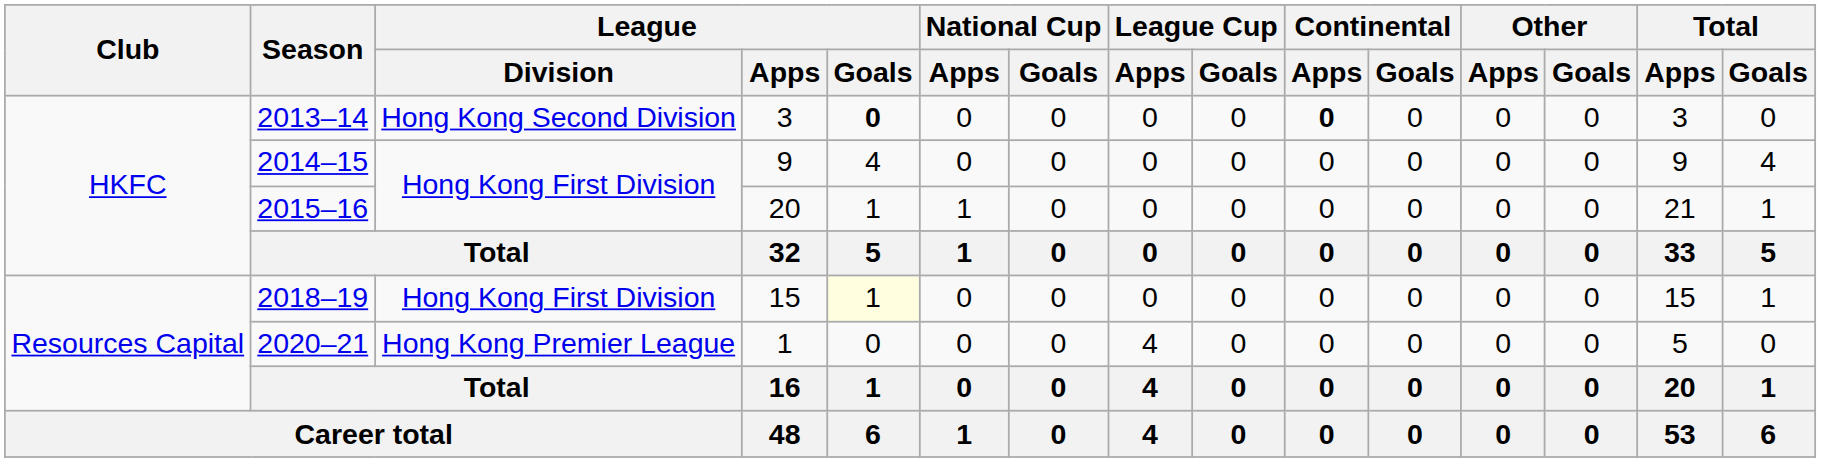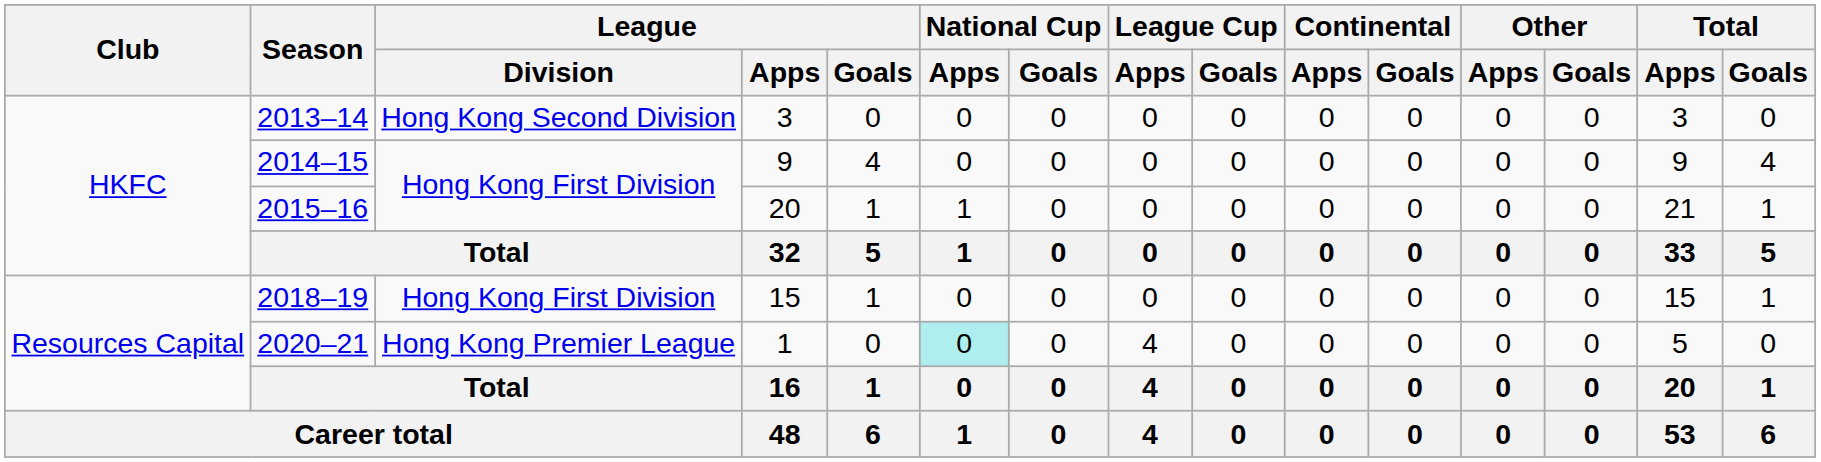 <table class="wikitable" style="text-align: center">
 <tr>
 <th rowspan="2">Club</th>
 <th rowspan="2">Season</th>
 <th colspan="3">League</th>
 <th colspan="2">National Cup</th>
 <th colspan="2">League Cup</th>
 <th colspan="2">Continental</th>
 <th colspan="2">Other</th>
 <th colspan="2">Total</th>
 </tr>
 <tr>
 <th>Division</th>
 <th>Apps</th>
 <th>Goals</th>
 <th>Apps</th>
 <th>Goals</th>
 <th>Apps</th>
 <th>Goals</th>
 <th>Apps</th>
 <th>Goals</th>
 <th>Apps</th>
 <th>Goals</th>
 <th>Apps</th>
 <th>Goals</th>
 </tr>
 <tr>
 <td rowspan="4"><a href='#'>HKFC</a></td>
 <td><a href='#'>2013–14</a></td>
 <td><a href='#'>Hong Kong Second Division</a></td>
 <td>3</td>
-<td><strong>0</strong></td>
 <td>0</td>
 <td>0</td>
 <td>0</td>
 <td>0</td>
-<td><strong>0</strong></td>
+<td>0</td>
+<td>0</td>
 <td>0</td>
 <td>0</td>
 <td>0</td>
 <td>3</td>
 <td>0</td>
 </tr>
 <tr>
 <td><a href='#'>2014–15</a></td>
 <td rowspan="2"><a href='#'>Hong Kong First Division</a></td>
 <td>9</td>
 <td>4</td>
 <td>0</td>
 <td>0</td>
 <td>0</td>
 <td>0</td>
 <td>0</td>
 <td>0</td>
 <td>0</td>
 <td>0</td>
 <td>9</td>
 <td>4</td>
 </tr>
 <tr>
 <td><a href='#'>2015–16</a></td>
 <td>20</td>
 <td>1</td>
 <td>1</td>
 <td>0</td>
 <td>0</td>
 <td>0</td>
 <td>0</td>
 <td>0</td>
 <td>0</td>
 <td>0</td>
 <td>21</td>
 <td>1</td>
 </tr>
 <tr>
 <th colspan=2>Total</th>
 <th>32</th>
 <th>5</th>
 <th>1</th>
 <th>0</th>
 <th>0</th>
 <th>0</th>
 <th>0</th>
 <th>0</th>
 <th>0</th>
 <th>0</th>
 <th>33</th>
 <th>5</th>
 </tr>
 <tr>
 <td rowspan="3"><a href='#'>Resources Capital</a></td>
 <td><a href='#'>2018–19</a></td>
 <td><a href='#'>Hong Kong First Division</a></td>
 <td>15</td>
-<td style="background: lightyellow;">1</td>
+<td>1</td>
 <td>0</td>
 <td>0</td>
 <td>0</td>
 <td>0</td>
 <td>0</td>
 <td>0</td>
 <td>0</td>
 <td>0</td>
 <td>15</td>
 <td>1</td>
 </tr>
 <tr>
 <td><a href='#'>2020–21</a></td>
 <td><a href='#'>Hong Kong Premier League</a></td>
 <td>1</td>
 <td>0</td>
-<td>0</td>
+<td style="background: paleturquoise;">0</td>
 <td>0</td>
 <td>4</td>
 <td>0</td>
 <td>0</td>
 <td>0</td>
 <td>0</td>
 <td>0</td>
 <td>5</td>
 <td>0</td>
 </tr>
 <tr>
 <th colspan=2>Total</th>
 <th>16</th>
 <th>1</th>
 <th>0</th>
 <th>0</th>
 <th>4</th>
 <th>0</th>
 <th>0</th>
 <th>0</th>
 <th>0</th>
 <th>0</th>
 <th>20</th>
 <th>1</th>
 </tr>
 <tr>
 <th colspan=3>Career total</th>
 <th>48</th>
 <th>6</th>
 <th>1</th>
 <th>0</th>
 <th>4</th>
 <th>0</th>
 <th>0</th>
 <th>0</th>
 <th>0</th>
 <th>0</th>
 <th>53</th>
 <th>6</th>
 </tr>
 </table>
